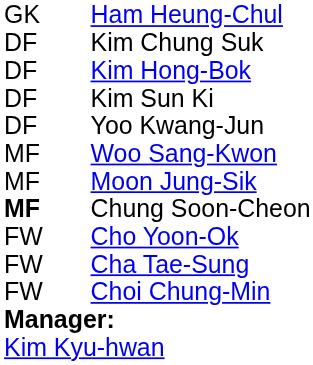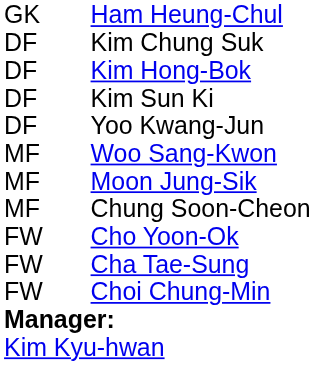 <table cellspacing="0" cellpadding="0" style="font-size:90%; margin:0.2em auto;">
 <tr>
 <th width="25"></th>
 <th width="25"></th>
 </tr>
 <tr>
 <td>GK</td>
 <td><strong> </strong></td>
 <td><a href='#'>Ham Heung-Chul</a></td>
 </tr>
 <tr>
 <td>DF</td>
 <td><strong> </strong></td>
 <td>Kim Chung Suk</td>
 </tr>
 <tr>
 <td>DF</td>
 <td><strong> </strong></td>
 <td><a href='#'>Kim Hong-Bok</a></td>
 </tr>
 <tr>
 <td>DF</td>
 <td><strong> </strong></td>
 <td>Kim Sun Ki</td>
 </tr>
 <tr>
 <td>DF</td>
 <td><strong> </strong></td>
 <td>Yoo Kwang-Jun</td>
 </tr>
 <tr>
 <td>MF</td>
 <td><strong> </strong></td>
 <td><a href='#'>Woo Sang-Kwon</a></td>
 </tr>
 <tr>
 <td>MF</td>
 <td><strong> </strong></td>
 <td><a href='#'>Moon Jung-Sik</a></td>
 </tr>
 <tr>
-<td><strong>MF</strong></td>
+<td>MF</td>
 <td><strong> </strong></td>
 <td>Chung Soon-Cheon</td>
 </tr>
 <tr>
 <td>FW</td>
 <td><strong> </strong></td>
 <td><a href='#'>Cho Yoon-Ok</a></td>
 </tr>
 <tr>
 <td>FW</td>
 <td><strong> </strong></td>
 <td><a href='#'>Cha Tae-Sung</a></td>
 </tr>
 <tr>
 <td>FW</td>
 <td><strong> </strong></td>
 <td><a href='#'>Choi Chung-Min</a></td>
 </tr>
 <tr>
 <td colspan=3><strong>Manager:</strong></td>
 </tr>
 <tr>
 <td colspan=4><a href='#'>Kim Kyu-hwan</a></td>
 </tr>
 </table>
